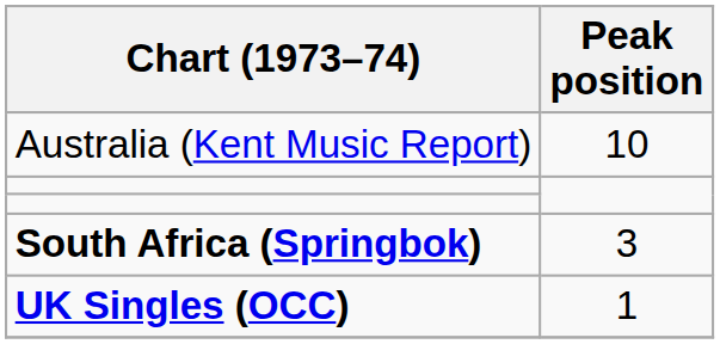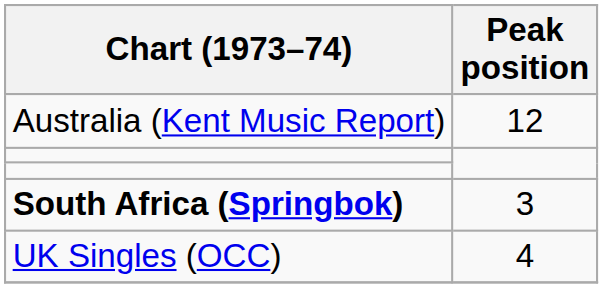 <table class="wikitable sortable">
 <tr>
 <th>Chart (1973–74)</th>
 <th>Peak<br>position</th>
 </tr>
 <tr>
 <td>Australia (<a href='#'>Kent Music Report</a>)</td>
-<td style="text-align:center;">10</td>
+<td style="text-align:center;">12</td>
 </tr>
 <tr>
 <td></td>
 </tr>
 <tr>
 <td></td>
 </tr>
 <tr>
 <td><strong>South Africa (<a href='#'>Springbok</a>)</strong></td>
 <td align="center">3</td>
 </tr>
 <tr>
-<td><strong><a href='#'>UK Singles</a> (<a href='#'>OCC</a>)</strong></td>
-<td style="text-align:center;">1</td>
+<td><a href='#'>UK Singles</a> (<a href='#'>OCC</a>)</td>
+<td style="text-align:center;">4</td>
 </tr>
 <tr>
 </tr>
 </table>
